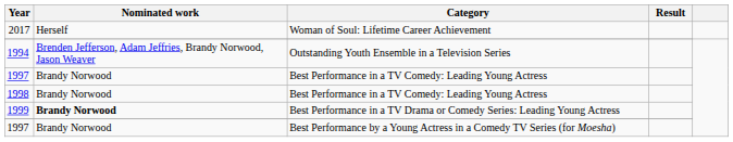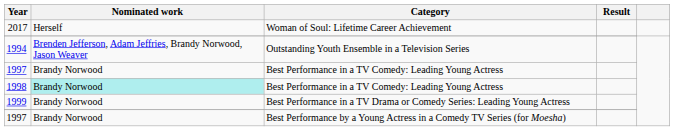 <table class="wikitable plainrowheaders" style="width:85%;">
 <tr>
 <th scope="col" style="width:4%;">Year</th>
 <th scope="col" style="width:35%;">Nominated work</th>
 <th scope="col" style="width:50%;">Category</th>
 <th scope="col" style="width:6%;">Result</th>
 <th scope="col" style="width:6%;"></th>
 </tr>
 <tr>
 <td align="center">2017</td>
 <td>Herself</td>
 <td>Woman of Soul: Lifetime Career Achievement</td>
 <td></td>
 <td></td>
 </tr>
 <tr>
 </tr>
 <tr>
 <td><a href='#'>1994</a></td>
 <td><a href='#'>Brenden Jefferson</a>, <a href='#'>Adam Jeffries</a>, Brandy Norwood, <a href='#'>Jason Weaver</a></td>
 <td>Outstanding Youth Ensemble in a Television Series</td>
 <td></td>
 </tr>
 <tr>
 <td><a href='#'>1997</a></td>
 <td>Brandy Norwood</td>
 <td>Best Performance in a TV Comedy: Leading Young Actress</td>
 <td></td>
 </tr>
 <tr>
 <td><a href='#'>1998</a></td>
-<td>Brandy Norwood</td>
+<td style="background: paleturquoise;">Brandy Norwood</td>
 <td>Best Performance in a TV Comedy: Leading Young Actress</td>
 <td></td>
 </tr>
 <tr>
 <td><a href='#'>1999</a></td>
-<td><strong>Brandy Norwood</strong></td>
+<td>Brandy Norwood</td>
 <td>Best Performance in a TV Drama or Comedy Series: Leading Young Actress</td>
 <td></td>
 </tr>
 <tr>
 </tr>
 <tr>
 <td>1997</td>
 <td>Brandy Norwood</td>
 <td>Best Performance by a Young Actress in a Comedy TV Series (for <em>Moesha</em>)</td>
 <td></td>
 </tr>
 </table>
